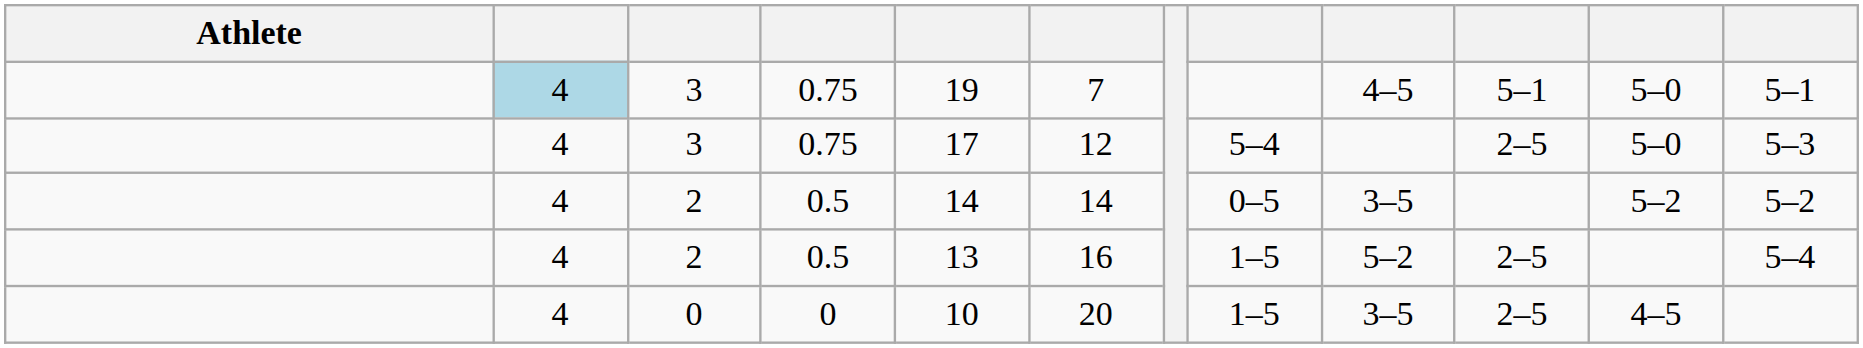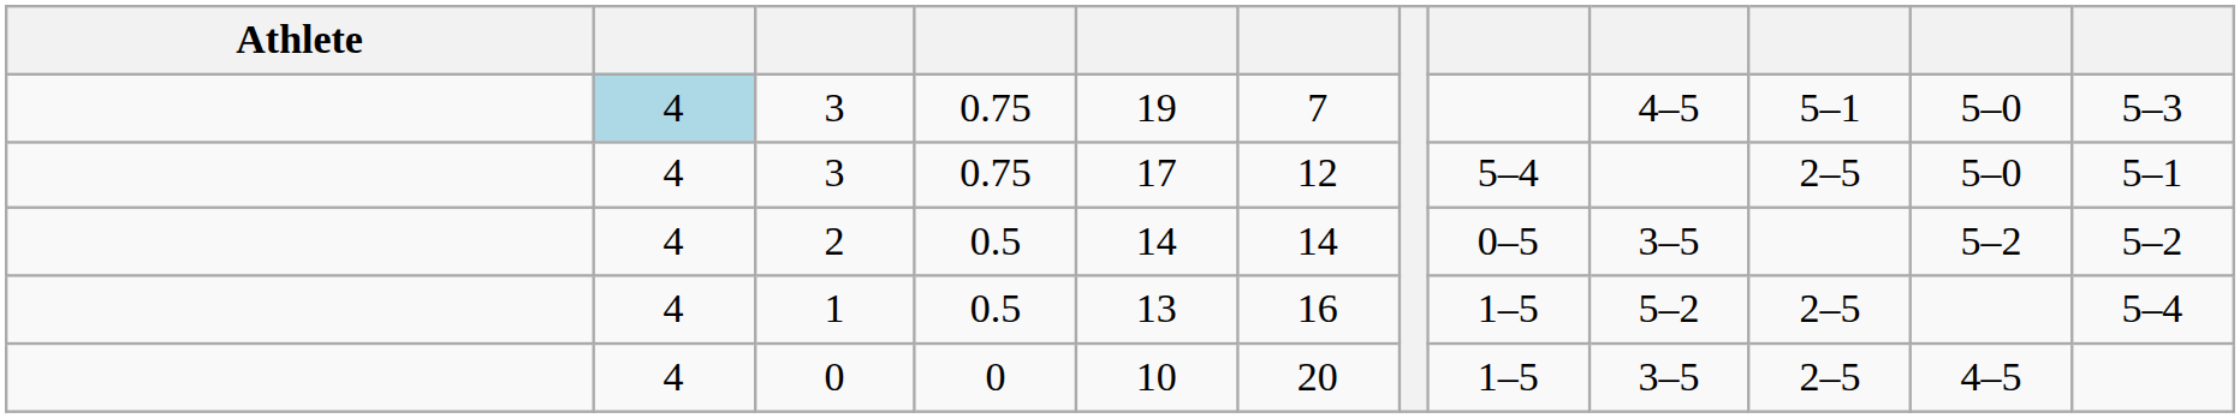 <table class="wikitable" style="text-align:center; font-size:90%;">
 <tr>
 <th width=200>Athlete</th>
 <th width=50></th>
 <th width=50></th>
 <th width=50></th>
 <th width=50></th>
 <th width=50></th>
 <th rowspan=6> </th>
 <th width=50></th>
 <th width=50></th>
 <th width=50></th>
 <th width=50></th>
 <th width=50></th>
 </tr>
 <tr>
 <td align=left></td>
 <td style="background: lightblue;">4</td>
 <td>3</td>
 <td>0.75</td>
 <td>19</td>
 <td>7</td>
 <td></td>
 <td>4–5</td>
 <td>5–1</td>
 <td>5–0</td>
-<td>5–1</td>
+<td>5–3</td>
 </tr>
 <tr>
 <td align=left></td>
 <td>4</td>
 <td>3</td>
 <td>0.75</td>
 <td>17</td>
 <td>12</td>
 <td>5–4</td>
 <td></td>
 <td>2–5</td>
 <td>5–0</td>
-<td>5–3</td>
+<td>5–1</td>
 </tr>
 <tr>
 <td align=left></td>
 <td>4</td>
 <td>2</td>
 <td>0.5</td>
 <td>14</td>
 <td>14</td>
 <td>0–5</td>
 <td>3–5</td>
 <td></td>
 <td>5–2</td>
 <td>5–2</td>
 </tr>
 <tr>
 <td align=left></td>
 <td>4</td>
-<td>2</td>
+<td>1</td>
 <td>0.5</td>
 <td>13</td>
 <td>16</td>
 <td>1–5</td>
 <td>5–2</td>
 <td>2–5</td>
 <td></td>
 <td>5–4</td>
 </tr>
 <tr>
 <td align=left></td>
 <td>4</td>
 <td>0</td>
 <td>0</td>
 <td>10</td>
 <td>20</td>
 <td>1–5</td>
 <td>3–5</td>
 <td>2–5</td>
 <td>4–5</td>
 <td></td>
 </tr>
 </table>
